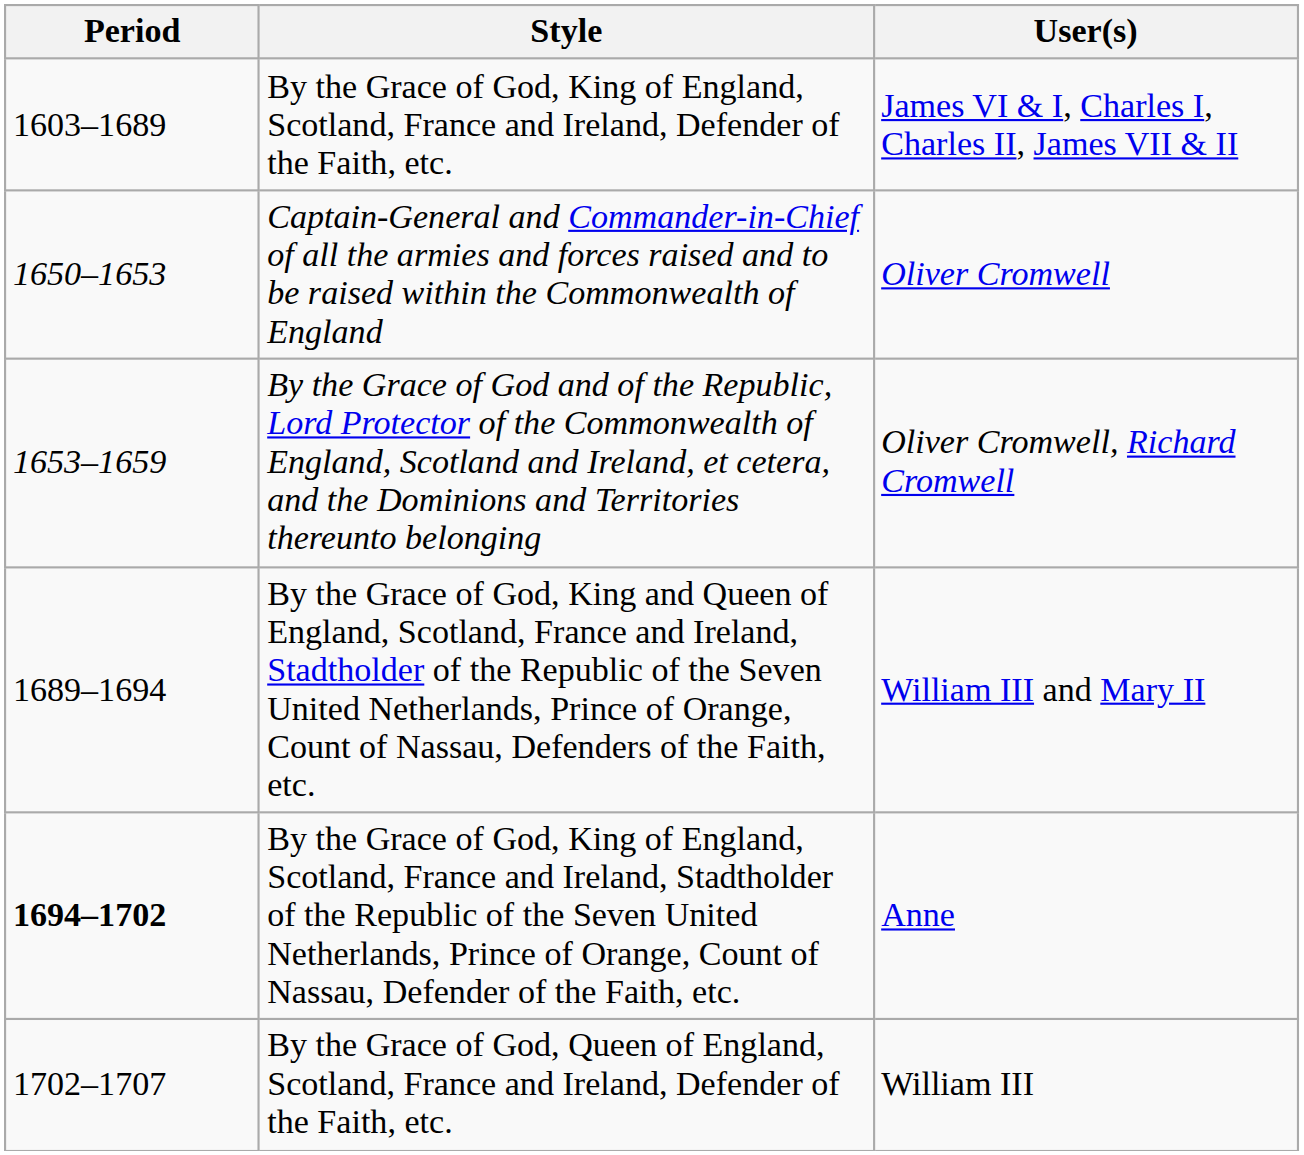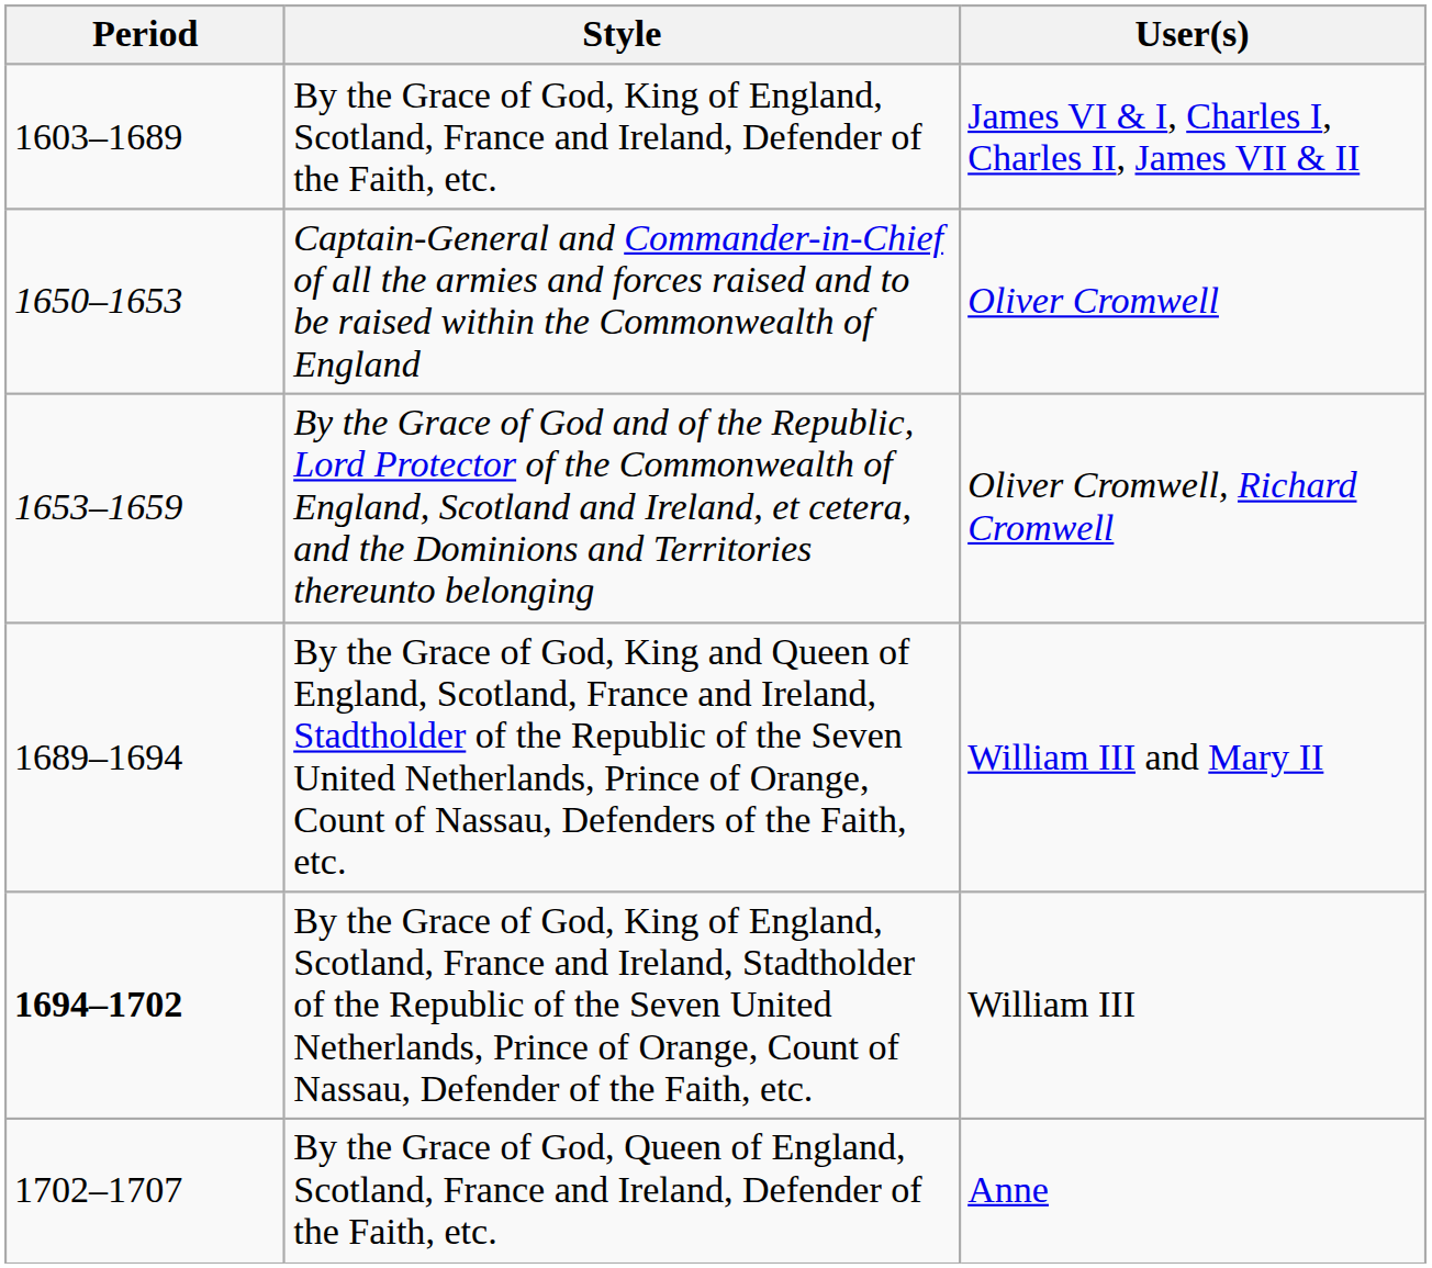 <table class="wikitable">
 <tr>
 <th style="width:7em;">Period</th>
 <th>Style</th>
 <th style="width:12em;">User(s)</th>
 </tr>
 <tr>
 <td>1603–1689</td>
 <td>By the Grace of God, King of England, Scotland, France and Ireland, Defender of the Faith, etc.</td>
 <td><a href='#'>James VI & I</a>, <a href='#'>Charles I</a>, <a href='#'>Charles II</a>, <a href='#'>James VII & II</a></td>
 </tr>
 <tr>
 <td><em>1650–1653</em></td>
 <td><em>Captain-General and <a href='#'>Commander-in-Chief</a> of all the armies and forces raised and to be raised within the Commonwealth of England</em></td>
 <td><em><a href='#'>Oliver Cromwell</a></em></td>
 </tr>
 <tr>
 <td><em>1653–1659</em></td>
 <td><em>By the Grace of God and of the Republic, <a href='#'>Lord Protector</a> of the Commonwealth of England, Scotland and Ireland, et cetera, and the Dominions and Territories thereunto belonging</em></td>
 <td><em>Oliver Cromwell, <a href='#'>Richard Cromwell</a></em></td>
 </tr>
 <tr>
 <td>1689–1694</td>
 <td>By the Grace of God, King and Queen of England, Scotland, France and Ireland, <a href='#'>Stadtholder</a> of the Republic of the Seven United Netherlands, Prince of Orange, Count of Nassau, Defenders of the Faith, etc.</td>
 <td><a href='#'>William III</a> and <a href='#'>Mary II</a></td>
 </tr>
 <tr>
 <td><strong>1694–1702</strong></td>
 <td>By the Grace of God, King of England, Scotland, France and Ireland, Stadtholder of the Republic of the Seven United Netherlands, Prince of Orange, Count of Nassau, Defender of the Faith, etc.</td>
-<td><a href='#'>Anne</a></td>
+<td>William III</td>
 </tr>
 <tr>
 <td>1702–1707</td>
 <td>By the Grace of God, Queen of England, Scotland, France and Ireland, Defender of the Faith, etc.</td>
-<td>William III</td>
+<td><a href='#'>Anne</a></td>
 </tr>
 </table>
